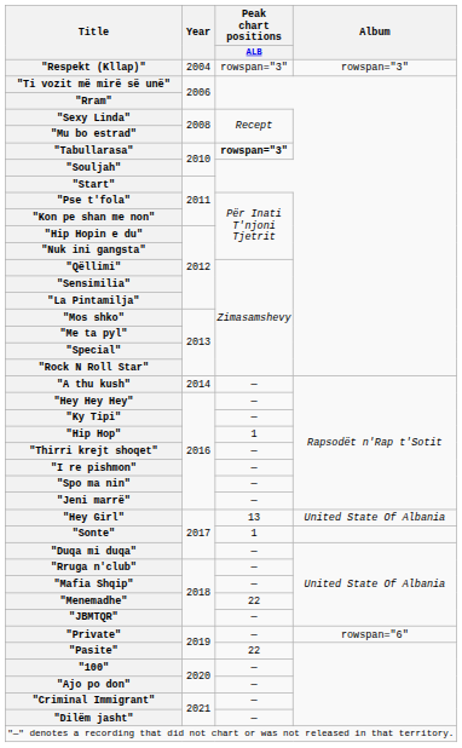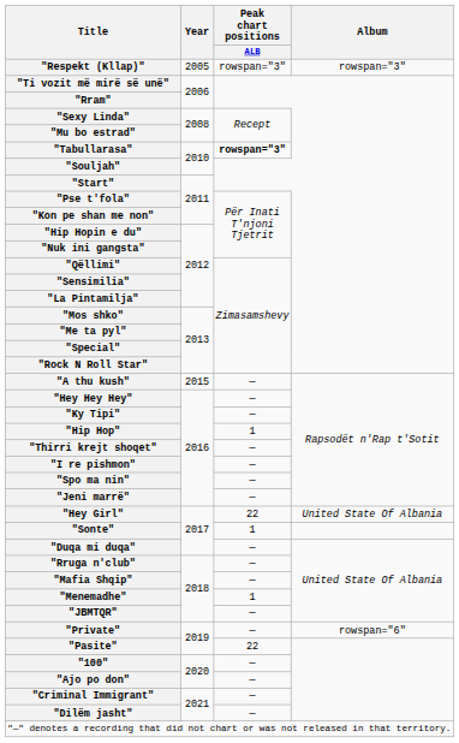 <table class="wikitable plainrowheaders" style="text-align:center;">
 <tr>
 <th scope="col" rowspan="2">Title</th>
 <th scope="col" rowspan="2">Year</th>
 <th scope="col" colspan="1">Peak<br>chart<br>positions</th>
 <th scope="col" rowspan="2">Album</th>
 </tr>
 <tr>
 <th style="width:3em; font-size:85%;"><a href='#'>ALB</a><br></th>
 </tr>
 <tr>
 <th scope="row">"Respekt (Kllap)"</th>
-<td>2004</td>
+<td>2005</td>
 <td>rowspan="3" </td>
 <td>rowspan="3" </td>
 </tr>
 <tr>
 <th scope="row">"Ti vozit më mirë së unë"<br></th>
 <td rowspan="2">2006</td>
 </tr>
 <tr>
 <th scope="row">"Rram"<br></th>
 </tr>
 <tr>
 <th scope="row">"Sexy Linda"</th>
 <td rowspan="2">2008</td>
 <td rowspan="2"><em>Recept</em></td>
 </tr>
 <tr>
 <th scope="row">"Mu bo estrad"</th>
 </tr>
 <tr>
 <th scope="row">"Tabullarasa"</th>
 <td rowspan="2">2010</td>
 <td><strong>rowspan="3" </strong></td>
 </tr>
 <tr>
 <th scope="row">"Souljah"<br></th>
 </tr>
 <tr>
 <th scope="row">"Start"<br></th>
 <td rowspan="3">2011</td>
 </tr>
 <tr>
 <th scope="row">"Pse t'fola"</th>
 <td rowspan="4"><em>Për Inati T'njoni Tjetrit</em></td>
 </tr>
 <tr>
 <th scope="row">"Kon pe shan me non"<br></th>
 </tr>
 <tr>
 <th scope="row">"Hip Hopin e du"<br></th>
 <td rowspan="5">2012</td>
 </tr>
 <tr>
 <th scope="row">"Nuk ini gangsta"<br></th>
 </tr>
 <tr>
 <th scope="row">"Qëllimi"</th>
 <td rowspan="7"><em>Zimasamshevy</em></td>
 </tr>
 <tr>
 <th scope="row">"Sensimilia"<br></th>
 </tr>
 <tr>
 <th scope="row">"La Pintamilja"<br></th>
 </tr>
 <tr>
 <th scope="row">"Mos shko"<br></th>
 <td rowspan="4">2013</td>
 </tr>
 <tr>
 <th scope="row">"Me ta pyl"<br></th>
 </tr>
 <tr>
 <th scope="row">"Special"<br></th>
 </tr>
 <tr>
 <th scope="row">"Rock N Roll Star"<br></th>
 </tr>
 <tr>
 <th scope="row">"A thu kush"</th>
-<td>2014</td>
+<td>2015</td>
 <td>—</td>
 <td rowspan="8"><em>Rapsodët n'Rap t'Sotit</em></td>
 </tr>
 <tr>
 <th scope="row">"Hey Hey Hey"</th>
 <td rowspan="7">2016</td>
 <td>—</td>
 </tr>
 <tr>
 <th scope="row">"Ky Tipi"<br></th>
 <td>—</td>
 </tr>
 <tr>
 <th scope="row">"Hip Hop"<br></th>
 <td>1</td>
 </tr>
 <tr>
 <th scope="row">"Thirri krejt shoqet"<br></th>
 <td>—</td>
 </tr>
 <tr>
 <th scope="row">"I re pishmon"</th>
 <td>—</td>
 </tr>
 <tr>
 <th scope="row">"Spo ma nin"<br></th>
 <td>—</td>
 </tr>
 <tr>
 <th scope="row">"Jeni marrë"<br></th>
 <td>—</td>
 </tr>
 <tr>
 <th scope="row">"Hey Girl"<br></th>
 <td rowspan="3">2017</td>
-<td>13</td>
+<td>22</td>
 <td><em>United State Of Albania</em></td>
 </tr>
 <tr>
 <th scope="row">"Sonte"<br></th>
 <td>1</td>
 <td></td>
 </tr>
 <tr>
 <th scope="row">"Duqa mi duqa"<br></th>
 <td>—</td>
 <td rowspan="5"><em>United State Of Albania</em></td>
 </tr>
 <tr>
 <th scope="row">"Rruga n'club"<br></th>
 <td rowspan="4">2018</td>
 <td>—</td>
 </tr>
 <tr>
 <th scope="row">"Mafia Shqip"</th>
 <td>—</td>
 </tr>
 <tr>
 <th scope="row">"Menemadhe"<br></th>
-<td>22</td>
+<td>1</td>
 </tr>
 <tr>
 <th scope="row">"JBMTQR"<br></th>
 <td>—</td>
 </tr>
 <tr>
 <th scope="row">"Private"<br></th>
 <td rowspan="2">2019</td>
 <td>—</td>
 <td>rowspan="6" </td>
 </tr>
 <tr>
 <th scope="row">"Pasite"<br></th>
 <td>22</td>
 </tr>
 <tr>
 <th scope="row">"100"<br></th>
 <td rowspan="2">2020</td>
 <td>—</td>
 </tr>
 <tr>
 <th scope="row">"Ajo po don"<br></th>
 <td>—</td>
 </tr>
 <tr>
 <th scope="row">"Criminal Immigrant"<br></th>
 <td rowspan="2">2021</td>
 <td>—</td>
 </tr>
 <tr>
 <th scope="row">"Dilëm jasht"<br></th>
 <td>—</td>
 </tr>
 <tr>
 <td colspan="11" style="font-size:90%">"—" denotes a recording that did not chart or was not released in that territory.</td>
 </tr>
 </table>
